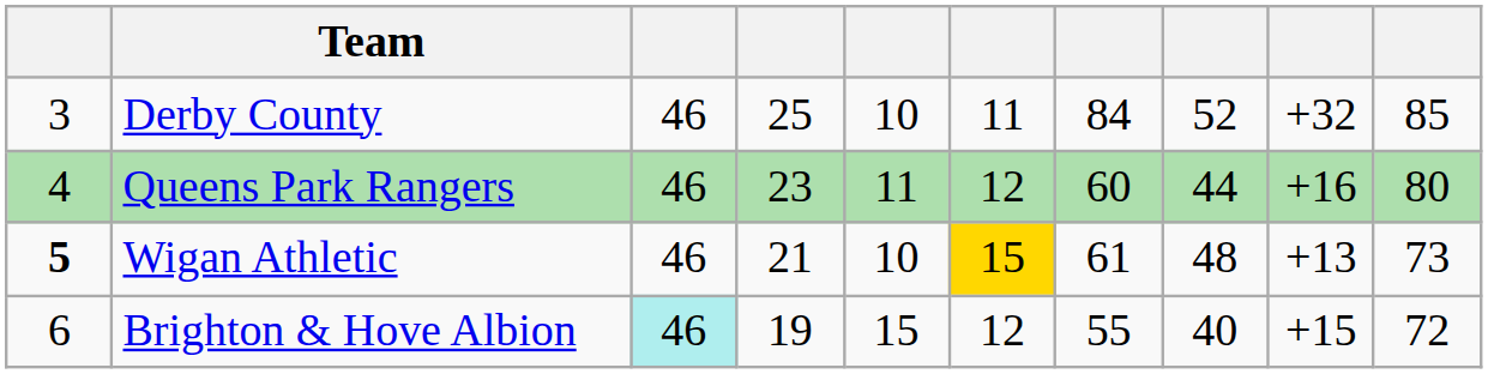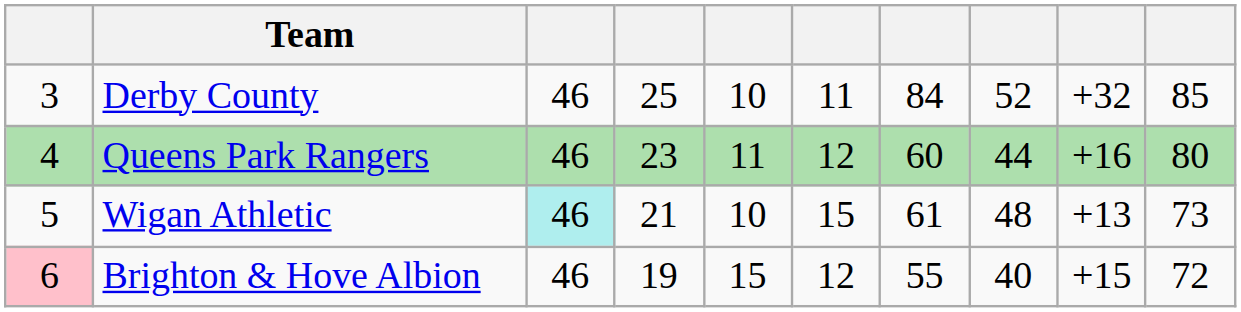 <table class="wikitable" style="text-align:center">
 <tr>
 <th width="30"></th>
 <th width="175">Team</th>
 <th width="30"></th>
 <th width="30"></th>
 <th width="30"></th>
 <th width="30"></th>
 <th width="30"></th>
 <th width="30"></th>
 <th width="30"></th>
 <th width="30"></th>
 </tr>
 <tr>
 <td>3</td>
 <td style="text-align:left;"><a href='#'>Derby County</a></td>
 <td>46</td>
 <td>25</td>
 <td>10</td>
 <td>11</td>
 <td>84</td>
 <td>52</td>
 <td>+32</td>
 <td>85</td>
 </tr>
 <tr style="background:#addfad;">
 <td>4</td>
 <td style="text-align:left;"><a href='#'>Queens Park Rangers</a></td>
 <td>46</td>
 <td>23</td>
 <td>11</td>
 <td>12</td>
 <td>60</td>
 <td>44</td>
 <td>+16</td>
 <td>80</td>
 </tr>
 <tr>
-<td><strong>5</strong></td>
+<td>5</td>
 <td style="text-align:left;"><a href='#'>Wigan Athletic</a></td>
-<td>46</td>
+<td style="background: paleturquoise;">46</td>
 <td>21</td>
 <td>10</td>
-<td style="background: gold;">15</td>
+<td>15</td>
 <td>61</td>
 <td>48</td>
 <td>+13</td>
 <td>73</td>
 </tr>
 <tr>
-<td>6</td>
+<td style="background: pink;">6</td>
 <td style="text-align:left;"><a href='#'>Brighton & Hove Albion</a></td>
-<td style="background: paleturquoise;">46</td>
+<td>46</td>
 <td>19</td>
 <td>15</td>
 <td>12</td>
 <td>55</td>
 <td>40</td>
 <td>+15</td>
 <td>72</td>
 </tr>
 </table>
